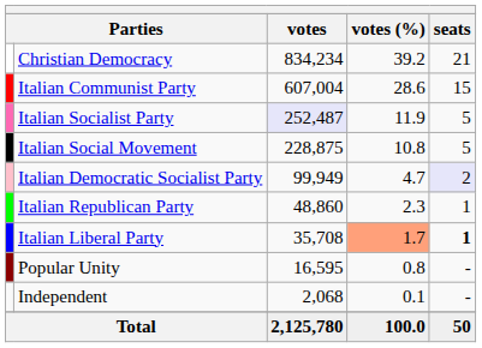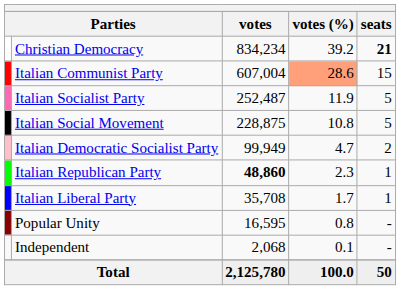 <table class="wikitable" style="font-size:95%">
 <tr>
 <th colspan=5></th>
 </tr>
 <tr>
 </tr>
 <tr bgcolor="EFEFEF">
 <th colspan=2>Parties</th>
 <th>votes</th>
 <th>votes (%)</th>
 <th>seats</th>
 </tr>
 <tr>
 <td bgcolor=White></td>
 <td><a href='#'>Christian Democracy</a></td>
 <td align=right>834,234</td>
 <td align=right>39.2</td>
-<td align=right>21</td>
+<td align=right><strong>21</strong></td>
 </tr>
 <tr>
 <td bgcolor=Red></td>
 <td><a href='#'>Italian Communist Party</a></td>
 <td align=right>607,004</td>
-<td align=right>28.6</td>
+<td align=right style="background: lightsalmon;">28.6</td>
 <td align=right>15</td>
 </tr>
 <tr>
 <td bgcolor=Hotpink></td>
 <td><a href='#'>Italian Socialist Party</a></td>
-<td align=right style="background: lavender;">252,487</td>
+<td align=right>252,487</td>
 <td align=right>11.9</td>
 <td align=right>5</td>
 </tr>
 <tr>
 <td bgcolor=Black></td>
 <td><a href='#'>Italian Social Movement</a></td>
 <td align=right>228,875</td>
 <td align=right>10.8</td>
 <td align=right>5</td>
 </tr>
 <tr>
 <td bgcolor=Pink></td>
 <td><a href='#'>Italian Democratic Socialist Party</a></td>
 <td align=right>99,949</td>
 <td align=right>4.7</td>
-<td align=right style="background: lavender;">2</td>
+<td align=right>2</td>
 </tr>
 <tr>
 <td bgcolor=Lime></td>
 <td><a href='#'>Italian Republican Party</a></td>
-<td align=right>48,860</td>
+<td align=right><strong>48,860</strong></td>
 <td align=right>2.3</td>
 <td align=right>1</td>
 </tr>
 <tr>
 <td bgcolor=Blue></td>
 <td><a href='#'>Italian Liberal Party</a></td>
 <td align=right>35,708</td>
-<td align=right style="background: lightsalmon;">1.7</td>
-<td align=right><strong>1</strong></td>
+<td align=right>1.7</td>
+<td align=right>1</td>
 </tr>
 <tr>
 <td bgcolor=Darkred></td>
 <td>Popular Unity</td>
 <td align=right>16,595</td>
 <td align=right>0.8</td>
 <td align=right>-</td>
 </tr>
 <tr>
 <td bgcolor=></td>
 <td>Independent</td>
 <td align=right>2,068</td>
 <td align=right>0.1</td>
 <td align=right>-</td>
 </tr>
 <tr>
 </tr>
 <tr bgcolor="EFEFEF">
 <th colspan=2><strong>Total</strong></th>
 <td align=right><strong>2,125,780</strong></td>
 <td align=right><strong>100.0</strong></td>
 <td align=right><strong>50</strong></td>
 </tr>
 </table>
